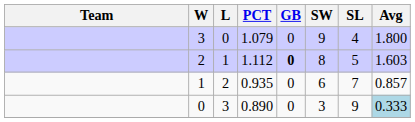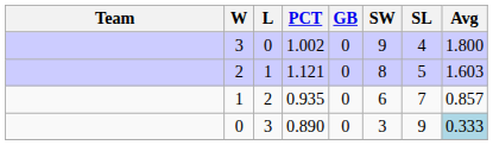 <table class=wikitable style="text-align:center;">
 <tr>
 <th width=200px>Team</th>
 <th width=20px>W</th>
 <th width=20px>L</th>
 <th width=35px><a href='#'>PCT</a></th>
 <th width=25px><a href='#'>GB</a></th>
 <th width=30px>SW</th>
 <th width=30px>SL</th>
 <th width=35px>Avg</th>
 </tr>
 <tr style="background:#CCCCFF;">
 <td align=left></td>
 <td>3</td>
 <td>0</td>
-<td>1.079</td>
+<td>1.002</td>
 <td>0</td>
 <td>9</td>
 <td>4</td>
 <td>1.800</td>
 </tr>
 <tr style="background:#CCCCFF;">
 <td align=left></td>
 <td>2</td>
 <td>1</td>
-<td>1.112</td>
-<td><strong>0</strong></td>
+<td>1.121</td>
+<td>0</td>
 <td>8</td>
 <td>5</td>
 <td>1.603</td>
 </tr>
 <tr>
 <td align=left></td>
 <td>1</td>
 <td>2</td>
 <td>0.935</td>
 <td>0</td>
 <td>6</td>
 <td>7</td>
 <td>0.857</td>
 </tr>
 <tr>
 <td align=left></td>
 <td>0</td>
 <td>3</td>
 <td>0.890</td>
 <td>0</td>
 <td>3</td>
 <td>9</td>
 <td style="background: lightblue;">0.333</td>
 </tr>
 <tr>
 </tr>
 </table>
